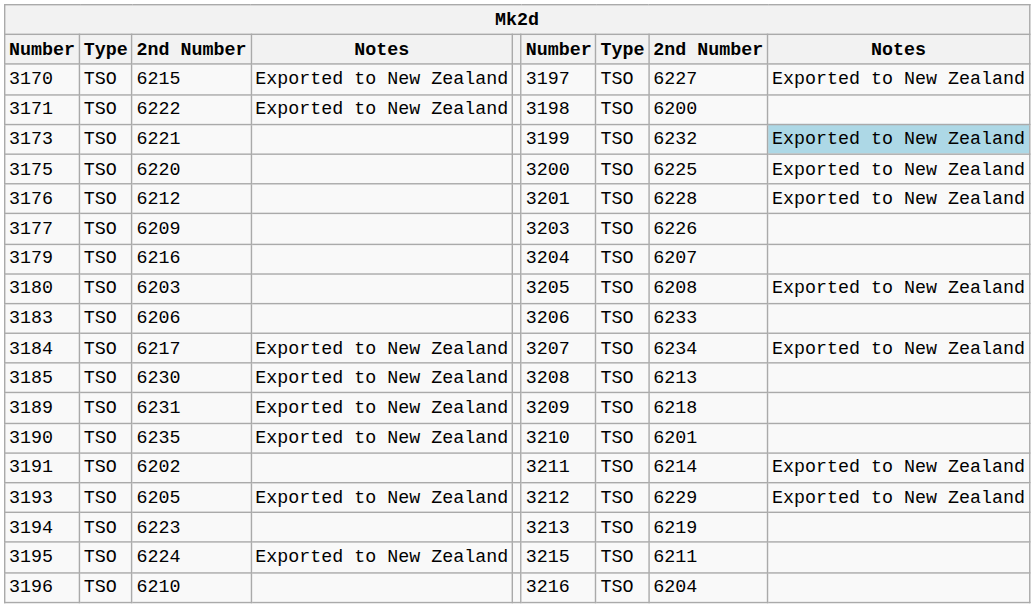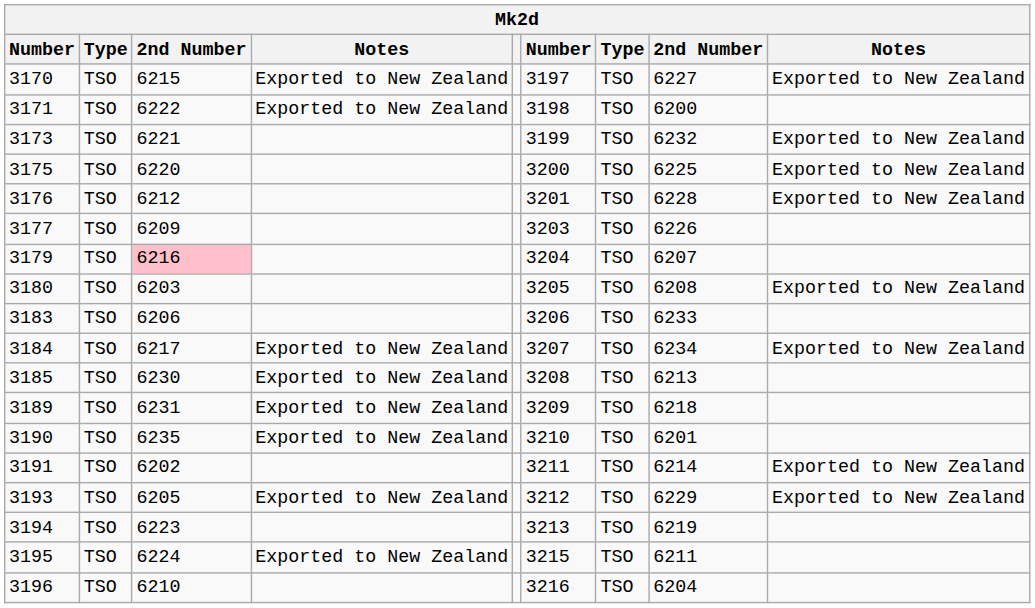 <table class="wikitable">
 <tr>
 <th colspan=9>Mk2d</th>
 </tr>
 <tr>
 <th>Number</th>
 <th>Type</th>
 <th>2nd Number</th>
 <th>Notes</th>
 <th></th>
 <th>Number</th>
 <th>Type</th>
 <th>2nd Number</th>
 <th>Notes</th>
 </tr>
 <tr>
 <td>3170</td>
 <td>TSO</td>
 <td>6215</td>
 <td>Exported to New Zealand</td>
 <td></td>
 <td>3197</td>
 <td>TSO</td>
 <td>6227</td>
 <td>Exported to New Zealand</td>
 </tr>
 <tr>
 <td>3171</td>
 <td>TSO</td>
 <td>6222</td>
 <td>Exported to New Zealand</td>
 <td></td>
 <td>3198</td>
 <td>TSO</td>
 <td>6200</td>
 <td></td>
 </tr>
 <tr>
 <td>3173</td>
 <td>TSO</td>
 <td>6221</td>
 <td></td>
 <td></td>
 <td>3199</td>
 <td>TSO</td>
 <td>6232</td>
-<td style="background: lightblue;">Exported to New Zealand</td>
+<td>Exported to New Zealand</td>
 </tr>
 <tr>
 <td>3175</td>
 <td>TSO</td>
 <td>6220</td>
 <td></td>
 <td></td>
 <td>3200</td>
 <td>TSO</td>
 <td>6225</td>
 <td>Exported to New Zealand</td>
 </tr>
 <tr>
 <td>3176</td>
 <td>TSO</td>
 <td>6212</td>
 <td></td>
 <td></td>
 <td>3201</td>
 <td>TSO</td>
 <td>6228</td>
 <td>Exported to New Zealand</td>
 </tr>
 <tr>
 <td>3177</td>
 <td>TSO</td>
 <td>6209</td>
 <td></td>
 <td></td>
 <td>3203</td>
 <td>TSO</td>
 <td>6226</td>
 <td></td>
 </tr>
 <tr>
 <td>3179</td>
 <td>TSO</td>
-<td>6216</td>
+<td style="background: pink;">6216</td>
 <td></td>
 <td></td>
 <td>3204</td>
 <td>TSO</td>
 <td>6207</td>
 <td></td>
 </tr>
 <tr>
 <td>3180</td>
 <td>TSO</td>
 <td>6203</td>
 <td></td>
 <td></td>
 <td>3205</td>
 <td>TSO</td>
 <td>6208</td>
 <td>Exported to New Zealand</td>
 </tr>
 <tr>
 <td>3183</td>
 <td>TSO</td>
 <td>6206</td>
 <td></td>
 <td></td>
 <td>3206</td>
 <td>TSO</td>
 <td>6233</td>
 <td></td>
 </tr>
 <tr>
 <td>3184</td>
 <td>TSO</td>
 <td>6217</td>
 <td>Exported to New Zealand</td>
 <td></td>
 <td>3207</td>
 <td>TSO</td>
 <td>6234</td>
 <td>Exported to New Zealand</td>
 </tr>
 <tr>
 <td>3185</td>
 <td>TSO</td>
 <td>6230</td>
 <td>Exported to New Zealand</td>
 <td></td>
 <td>3208</td>
 <td>TSO</td>
 <td>6213</td>
 <td></td>
 </tr>
 <tr>
 <td>3189</td>
 <td>TSO</td>
 <td>6231</td>
 <td>Exported to New Zealand</td>
 <td></td>
 <td>3209</td>
 <td>TSO</td>
 <td>6218</td>
 <td></td>
 </tr>
 <tr>
 <td>3190</td>
 <td>TSO</td>
 <td>6235</td>
 <td>Exported to New Zealand</td>
 <td></td>
 <td>3210</td>
 <td>TSO</td>
 <td>6201</td>
 <td></td>
 </tr>
 <tr>
 <td>3191</td>
 <td>TSO</td>
 <td>6202</td>
 <td></td>
 <td></td>
 <td>3211</td>
 <td>TSO</td>
 <td>6214</td>
 <td>Exported to New Zealand</td>
 </tr>
 <tr>
 <td>3193</td>
 <td>TSO</td>
 <td>6205</td>
 <td>Exported to New Zealand</td>
 <td></td>
 <td>3212</td>
 <td>TSO</td>
 <td>6229</td>
 <td>Exported to New Zealand</td>
 </tr>
 <tr>
 <td>3194</td>
 <td>TSO</td>
 <td>6223</td>
 <td></td>
 <td></td>
 <td>3213</td>
 <td>TSO</td>
 <td>6219</td>
 <td></td>
 </tr>
 <tr>
 <td>3195</td>
 <td>TSO</td>
 <td>6224</td>
 <td>Exported to New Zealand</td>
 <td></td>
 <td>3215</td>
 <td>TSO</td>
 <td>6211</td>
 <td></td>
 </tr>
 <tr>
 <td>3196</td>
 <td>TSO</td>
 <td>6210</td>
 <td></td>
 <td></td>
 <td>3216</td>
 <td>TSO</td>
 <td>6204</td>
 <td></td>
 </tr>
 </table>
